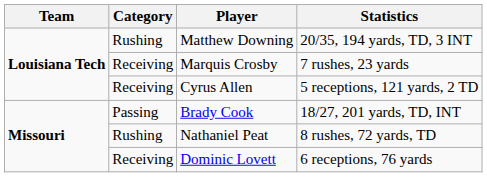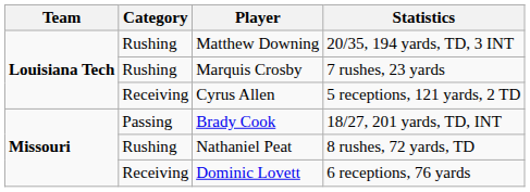 <table class="wikitable" style="float: left;">
 <tr>
 <th>Team</th>
 <th>Category</th>
 <th>Player</th>
 <th>Statistics</th>
 </tr>
 <tr>
 <td rowspan=3><strong>Louisiana Tech</strong></td>
 <td>Rushing</td>
 <td>Matthew Downing</td>
 <td>20/35, 194 yards, TD, 3 INT</td>
 </tr>
 <tr>
-<td>Receiving</td>
+<td>Rushing</td>
 <td>Marquis Crosby</td>
 <td>7 rushes, 23 yards</td>
 </tr>
 <tr>
 <td>Receiving</td>
 <td>Cyrus Allen</td>
 <td>5 receptions, 121 yards, 2 TD</td>
 </tr>
 <tr>
 <td rowspan=3><strong>Missouri</strong></td>
 <td>Passing</td>
 <td><a href='#'>Brady Cook</a></td>
 <td>18/27, 201 yards, TD, INT</td>
 </tr>
 <tr>
 <td>Rushing</td>
 <td>Nathaniel Peat</td>
 <td>8 rushes, 72 yards, TD</td>
 </tr>
 <tr>
 <td>Receiving</td>
 <td><a href='#'>Dominic Lovett</a></td>
 <td>6 receptions, 76 yards</td>
 </tr>
 </table>
